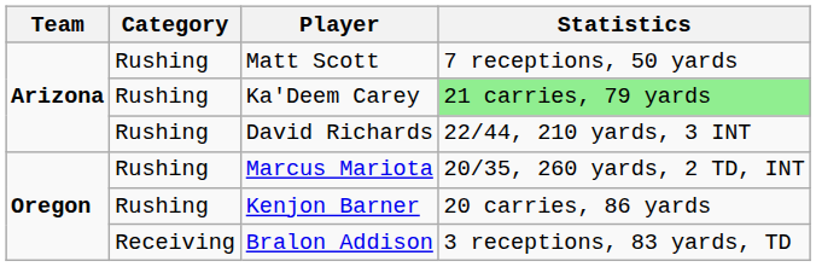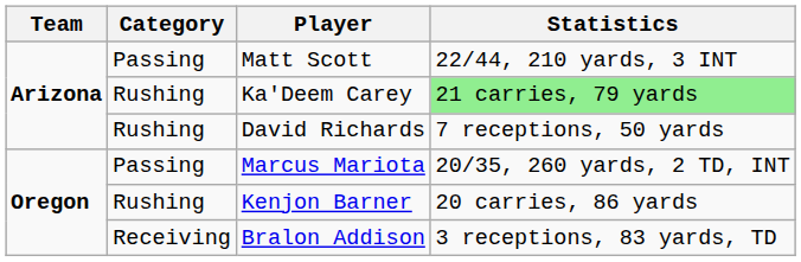 <table class="wikitable" style="float: right;">
 <tr>
 <th>Team</th>
 <th>Category</th>
 <th>Player</th>
 <th>Statistics</th>
 </tr>
 <tr>
 <td rowspan=3><strong>Arizona</strong></td>
-<td>Rushing</td>
+<td>Passing</td>
 <td>Matt Scott</td>
-<td>7 receptions, 50 yards</td>
+<td>22/44, 210 yards, 3 INT</td>
 </tr>
 <tr>
 <td>Rushing</td>
 <td>Ka'Deem Carey</td>
 <td style="background: lightgreen;">21 carries, 79 yards</td>
 </tr>
 <tr>
 <td>Rushing</td>
 <td>David Richards</td>
-<td>22/44, 210 yards, 3 INT</td>
+<td>7 receptions, 50 yards</td>
 </tr>
 <tr>
 <td rowspan=3><strong>Oregon</strong></td>
-<td>Rushing</td>
+<td>Passing</td>
 <td><a href='#'>Marcus Mariota</a></td>
 <td>20/35, 260 yards, 2 TD, INT</td>
 </tr>
 <tr>
 <td>Rushing</td>
 <td><a href='#'>Kenjon Barner</a></td>
 <td>20 carries, 86 yards</td>
 </tr>
 <tr>
 <td>Receiving</td>
 <td><a href='#'>Bralon Addison</a></td>
 <td>3 receptions, 83 yards, TD</td>
 </tr>
 </table>
